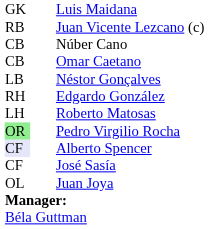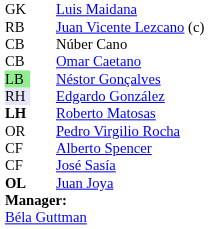 <table cellspacing="0" cellpadding="0" style="font-size:90%; margin:auto;">
 <tr>
 <td colspan="4"></td>
 </tr>
 <tr>
 <th width=25></th>
 <th width=25></th>
 </tr>
 <tr>
 <td>GK</td>
 <td></td>
 <td> <a href='#'>Luis Maidana</a></td>
 </tr>
 <tr>
 <td>RB</td>
 <td></td>
 <td> <a href='#'>Juan Vicente Lezcano</a> (c)</td>
 </tr>
 <tr>
 <td>CB</td>
 <td></td>
 <td> Núber Cano</td>
 </tr>
 <tr>
 <td>CB</td>
 <td></td>
 <td> <a href='#'>Omar Caetano</a></td>
 </tr>
 <tr>
-<td>LB</td>
+<td style="background: lightgreen;">LB</td>
 <td></td>
 <td> <a href='#'>Néstor Gonçalves</a></td>
 </tr>
 <tr>
-<td>RH</td>
+<td style="background: lavender;">RH</td>
 <td></td>
 <td> <a href='#'>Edgardo González</a></td>
 </tr>
 <tr>
-<td>LH</td>
+<td><strong>LH</strong></td>
 <td></td>
 <td> <a href='#'>Roberto Matosas</a></td>
 </tr>
 <tr>
-<td style="background: lightgreen;">OR</td>
+<td>OR</td>
 <td></td>
 <td> <a href='#'>Pedro Virgilio Rocha</a></td>
 </tr>
 <tr>
-<td style="background: lavender;">CF</td>
+<td>CF</td>
 <td></td>
 <td> <a href='#'>Alberto Spencer</a></td>
 </tr>
 <tr>
 <td>CF</td>
 <td></td>
 <td> <a href='#'>José Sasía</a></td>
 </tr>
 <tr>
-<td>OL</td>
+<td><strong>OL</strong></td>
 <td></td>
 <td> <a href='#'>Juan Joya</a></td>
 </tr>
 <tr>
 <td colspan=3><strong>Manager:</strong></td>
 </tr>
 <tr>
 <td colspan=4> <a href='#'>Béla Guttman</a></td>
 </tr>
 </table>
